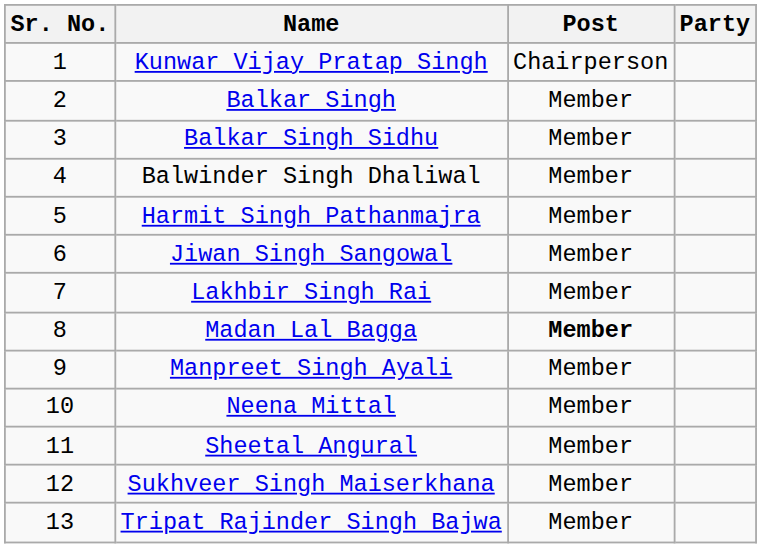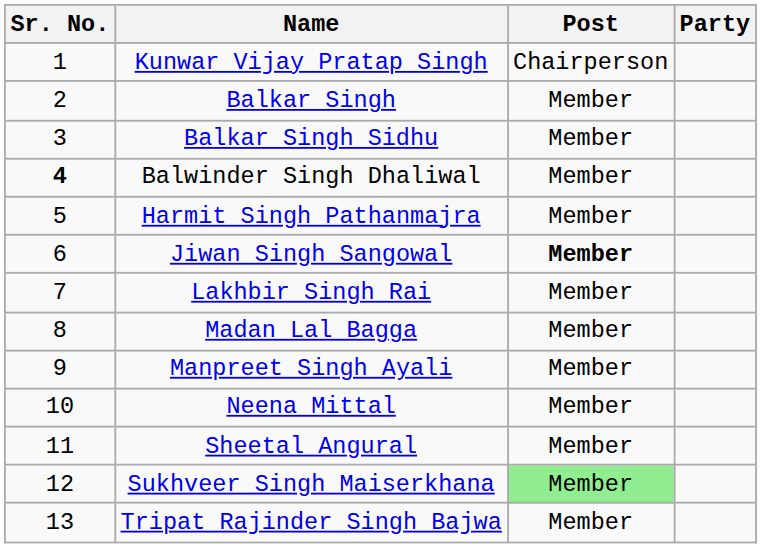 <table class="wikitable sortable">
 <tr>
 <th>Sr. No.</th>
 <th>Name</th>
 <th>Post</th>
 <th colspan="2">Party</th>
 </tr>
 <tr align="center">
 <td>1</td>
 <td><a href='#'>Kunwar Vijay Pratap Singh</a></td>
 <td>Chairperson</td>
 <td></td>
 </tr>
 <tr align="center">
 <td>2</td>
 <td><a href='#'>Balkar Singh</a></td>
 <td>Member</td>
 <td></td>
 </tr>
 <tr align="center">
 <td>3</td>
 <td><a href='#'>Balkar Singh Sidhu</a></td>
 <td>Member</td>
 <td></td>
 </tr>
 <tr align="center">
-<td>4</td>
+<td><strong>4</strong></td>
 <td>Balwinder Singh Dhaliwal</td>
 <td>Member</td>
 <td></td>
 </tr>
 <tr align="center">
 <td>5</td>
 <td><a href='#'>Harmit Singh Pathanmajra</a></td>
 <td>Member</td>
 <td></td>
 </tr>
 <tr align="center">
 <td>6</td>
 <td><a href='#'>Jiwan Singh Sangowal</a></td>
-<td>Member</td>
+<td><strong>Member</strong></td>
 <td></td>
 </tr>
 <tr align="center">
 <td>7</td>
 <td><a href='#'>Lakhbir Singh Rai</a></td>
 <td>Member</td>
 <td></td>
 </tr>
 <tr align="center">
 <td>8</td>
 <td><a href='#'>Madan Lal Bagga</a></td>
-<td><strong>Member</strong></td>
+<td>Member</td>
 <td></td>
 </tr>
 <tr align="center">
 <td>9</td>
 <td><a href='#'>Manpreet Singh Ayali</a></td>
 <td>Member</td>
 <td></td>
 </tr>
 <tr align="center">
 <td>10</td>
 <td><a href='#'>Neena Mittal</a></td>
 <td>Member</td>
 <td></td>
 </tr>
 <tr align="center">
 <td>11</td>
 <td><a href='#'>Sheetal Angural</a></td>
 <td>Member</td>
 <td></td>
 </tr>
 <tr align="center">
 <td>12</td>
 <td><a href='#'>Sukhveer Singh Maiserkhana</a></td>
-<td>Member</td>
+<td style="background: lightgreen;">Member</td>
 <td></td>
 </tr>
 <tr align="center">
 <td>13</td>
 <td><a href='#'>Tripat Rajinder Singh Bajwa</a></td>
 <td>Member</td>
 <td></td>
 </tr>
 </table>
